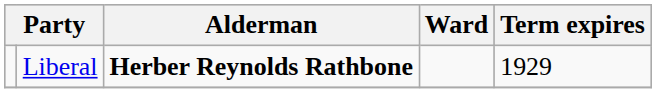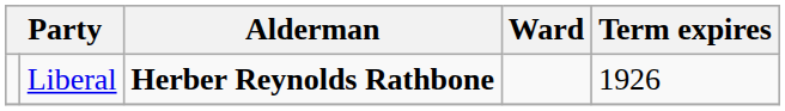 <table class="wikitable">
 <tr>
 <th colspan="2">Party</th>
 <th>Alderman</th>
 <th>Ward</th>
 <th>Term expires</th>
 </tr>
 <tr>
 <td style="background-color:"></td>
 <td><a href='#'>Liberal</a></td>
 <td><strong>Herber Reynolds Rathbone</strong></td>
 <td></td>
-<td>1929</td>
+<td>1926</td>
 </tr>
 <tr>
 </tr>
 </table>
